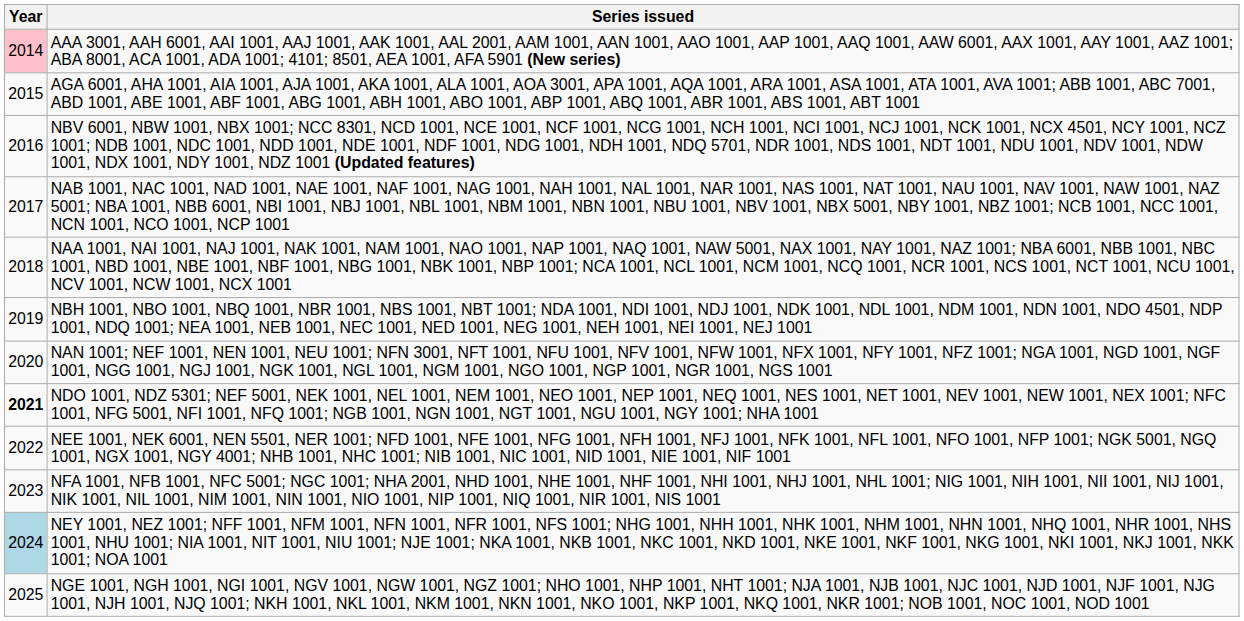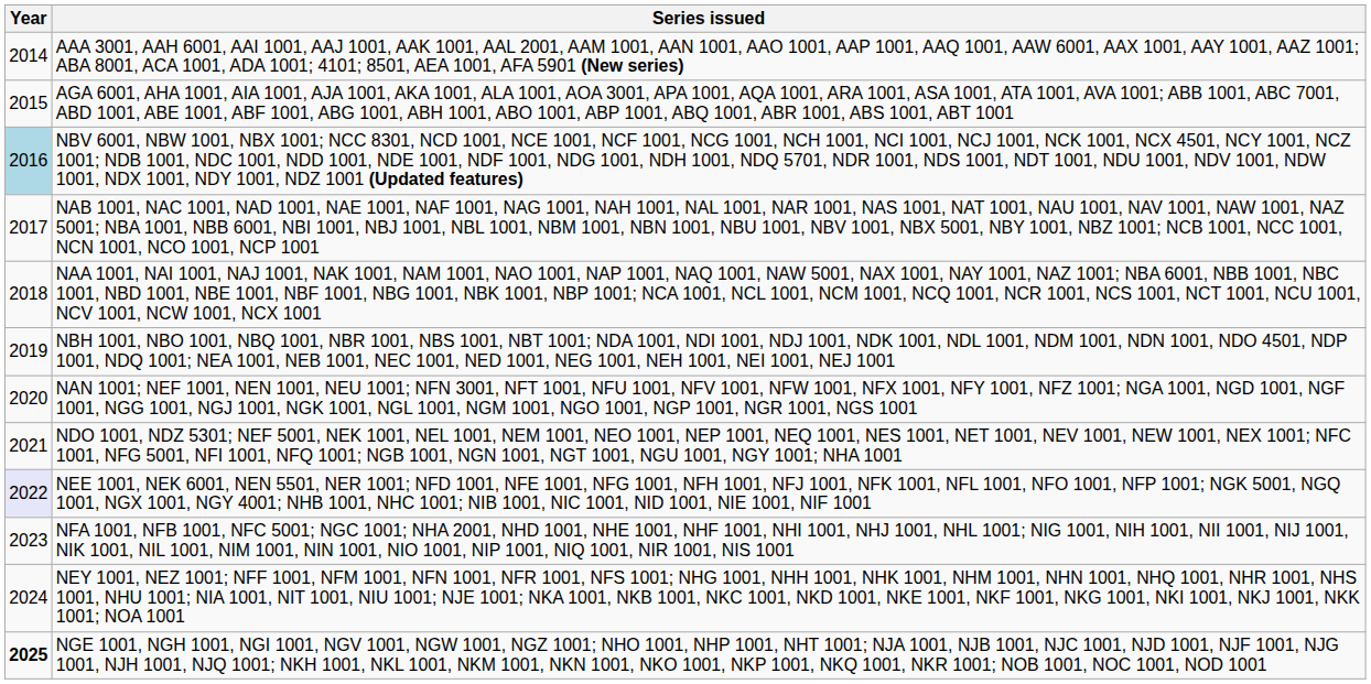 <table class="wikitable">
 <tr>
 <th>Year</th>
 <th>Series issued</th>
 </tr>
 <tr>
-<td style="background: pink;">2014</td>
+<td>2014</td>
 <td>AAA 3001, AAH 6001, AAI 1001, AAJ 1001, AAK 1001, AAL 2001, AAM 1001, AAN 1001, AAO 1001, AAP 1001, AAQ 1001, AAW 6001, AAX 1001, AAY 1001, AAZ 1001; ABA 8001, ACA 1001, ADA 1001; 4101; 8501, AEA 1001, AFA 5901 <strong>(New series)</strong></td>
 </tr>
 <tr>
 <td>2015</td>
 <td>AGA 6001, AHA 1001, AIA 1001, AJA 1001, AKA 1001, ALA 1001, AOA 3001, APA 1001, AQA 1001, ARA 1001, ASA 1001, ATA 1001, AVA 1001; ABB 1001, ABC 7001, ABD 1001, ABE 1001, ABF 1001, ABG 1001, ABH 1001, ABO 1001, ABP 1001, ABQ 1001, ABR 1001, ABS 1001, ABT 1001</td>
 </tr>
 <tr>
-<td>2016</td>
+<td style="background: lightblue;">2016</td>
 <td>NBV 6001, NBW 1001, NBX 1001; NCC 8301, NCD 1001, NCE 1001, NCF 1001, NCG 1001, NCH 1001, NCI 1001, NCJ 1001, NCK 1001, NCX 4501, NCY 1001, NCZ 1001; NDB 1001, NDC 1001, NDD 1001, NDE 1001, NDF 1001, NDG 1001, NDH 1001, NDQ 5701, NDR 1001, NDS 1001, NDT 1001, NDU 1001, NDV 1001, NDW 1001, NDX 1001, NDY 1001, NDZ 1001 <strong>(Updated features)</strong></td>
 </tr>
 <tr>
 <td>2017</td>
 <td>NAB 1001, NAC 1001, NAD 1001, NAE 1001, NAF 1001, NAG 1001, NAH 1001, NAL 1001, NAR 1001, NAS 1001, NAT 1001, NAU 1001, NAV 1001, NAW 1001, NAZ 5001; NBA 1001, NBB 6001, NBI 1001, NBJ 1001, NBL 1001, NBM 1001, NBN 1001, NBU 1001, NBV 1001, NBX 5001, NBY 1001, NBZ 1001; NCB 1001, NCC 1001, NCN 1001, NCO 1001, NCP 1001</td>
 </tr>
 <tr>
 <td>2018</td>
 <td>NAA 1001, NAI 1001, NAJ 1001, NAK 1001, NAM 1001, NAO 1001, NAP 1001, NAQ 1001, NAW 5001, NAX 1001, NAY 1001, NAZ 1001; NBA 6001, NBB 1001, NBC 1001, NBD 1001, NBE 1001, NBF 1001, NBG 1001, NBK 1001, NBP 1001; NCA 1001, NCL 1001, NCM 1001, NCQ 1001, NCR 1001, NCS 1001, NCT 1001, NCU 1001, NCV 1001, NCW 1001, NCX 1001</td>
 </tr>
 <tr>
 <td>2019</td>
 <td>NBH 1001, NBO 1001, NBQ 1001, NBR 1001, NBS 1001, NBT 1001; NDA 1001, NDI 1001, NDJ 1001, NDK 1001, NDL 1001, NDM 1001, NDN 1001, NDO 4501, NDP 1001, NDQ 1001; NEA 1001, NEB 1001, NEC 1001, NED 1001, NEG 1001, NEH 1001, NEI 1001, NEJ 1001</td>
 </tr>
 <tr>
 <td>2020</td>
 <td>NAN 1001; NEF 1001, NEN 1001, NEU 1001; NFN 3001, NFT 1001, NFU 1001, NFV 1001, NFW 1001, NFX 1001, NFY 1001, NFZ 1001; NGA 1001, NGD 1001, NGF 1001, NGG 1001, NGJ 1001, NGK 1001, NGL 1001, NGM 1001, NGO 1001, NGP 1001, NGR 1001, NGS 1001</td>
 </tr>
 <tr>
-<td><strong>2021</strong></td>
+<td>2021</td>
 <td>NDO 1001, NDZ 5301; NEF 5001, NEK 1001, NEL 1001, NEM 1001, NEO 1001, NEP 1001, NEQ 1001, NES 1001, NET 1001, NEV 1001, NEW 1001, NEX 1001; NFC 1001, NFG 5001, NFI 1001, NFQ 1001; NGB 1001, NGN 1001, NGT 1001, NGU 1001, NGY 1001; NHA 1001</td>
 </tr>
 <tr>
-<td>2022</td>
+<td style="background: lavender;">2022</td>
 <td>NEE 1001, NEK 6001, NEN 5501, NER 1001; NFD 1001, NFE 1001, NFG 1001, NFH 1001, NFJ 1001, NFK 1001, NFL 1001, NFO 1001, NFP 1001; NGK 5001, NGQ 1001, NGX 1001, NGY 4001; NHB 1001, NHC 1001; NIB 1001, NIC 1001, NID 1001, NIE 1001, NIF 1001</td>
 </tr>
 <tr>
 <td>2023</td>
 <td>NFA 1001, NFB 1001, NFC 5001; NGC 1001; NHA 2001, NHD 1001, NHE 1001, NHF 1001, NHI 1001, NHJ 1001, NHL 1001; NIG 1001, NIH 1001, NII 1001, NIJ 1001, NIK 1001, NIL 1001, NIM 1001, NIN 1001, NIO 1001, NIP 1001, NIQ 1001, NIR 1001, NIS 1001</td>
 </tr>
 <tr>
-<td style="background: lightblue;">2024</td>
+<td>2024</td>
 <td>NEY 1001, NEZ 1001; NFF 1001, NFM 1001, NFN 1001, NFR 1001, NFS 1001; NHG 1001, NHH 1001, NHK 1001, NHM 1001, NHN 1001, NHQ 1001, NHR 1001, NHS 1001, NHU 1001; NIA 1001, NIT 1001, NIU 1001; NJE 1001; NKA 1001, NKB 1001, NKC 1001, NKD 1001, NKE 1001, NKF 1001, NKG 1001, NKI 1001, NKJ 1001, NKK 1001; NOA 1001</td>
 </tr>
 <tr>
-<td>2025</td>
+<td><strong>2025</strong></td>
 <td>NGE 1001, NGH 1001, NGI 1001, NGV 1001, NGW 1001, NGZ 1001; NHO 1001, NHP 1001, NHT 1001; NJA 1001, NJB 1001, NJC 1001, NJD 1001, NJF 1001, NJG 1001, NJH 1001, NJQ 1001; NKH 1001, NKL 1001, NKM 1001, NKN 1001, NKO 1001, NKP 1001, NKQ 1001, NKR 1001; NOB 1001, NOC 1001, NOD 1001</td>
 </tr>
 </table>
